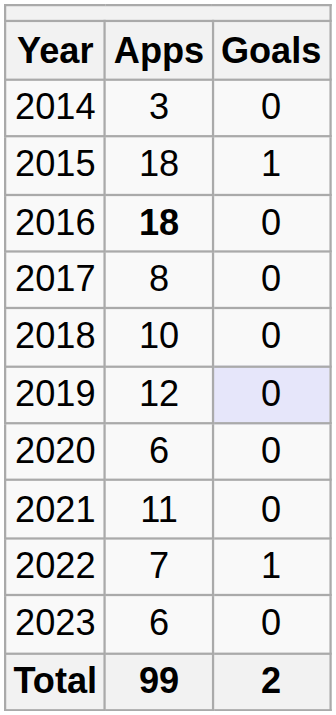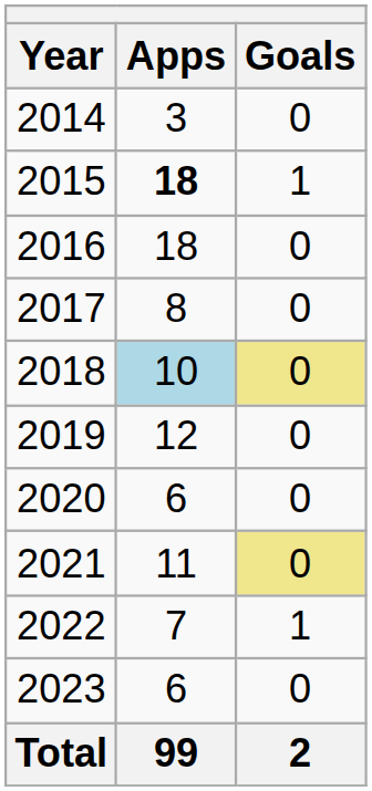 <table class="wikitable" style="text-align:center">
 <tr>
 <th colspan=3></th>
 </tr>
 <tr>
 <th>Year</th>
 <th>Apps</th>
 <th>Goals</th>
 </tr>
 <tr>
 <td>2014</td>
 <td>3</td>
 <td>0</td>
 </tr>
 <tr>
 <td>2015</td>
-<td>18</td>
+<td><strong>18</strong></td>
 <td>1</td>
 </tr>
 <tr>
 <td>2016</td>
-<td><strong>18</strong></td>
+<td>18</td>
 <td>0</td>
 </tr>
 <tr>
 <td>2017</td>
 <td>8</td>
 <td>0</td>
 </tr>
 <tr>
 <td>2018</td>
-<td>10</td>
-<td>0</td>
+<td style="background: lightblue;">10</td>
+<td style="background: khaki;">0</td>
 </tr>
 <tr>
 <td>2019</td>
 <td>12</td>
-<td style="background: lavender;">0</td>
+<td>0</td>
 </tr>
 <tr>
 <td>2020</td>
 <td>6</td>
 <td>0</td>
 </tr>
 <tr>
 <td>2021</td>
 <td>11</td>
-<td>0</td>
+<td style="background: khaki;">0</td>
 </tr>
 <tr>
 <td>2022</td>
 <td>7</td>
 <td>1</td>
 </tr>
 <tr>
 <td>2023</td>
 <td>6</td>
 <td>0</td>
 </tr>
 <tr>
 <th>Total</th>
 <th>99</th>
 <th>2</th>
 </tr>
 </table>
